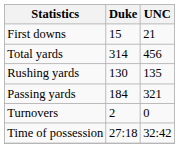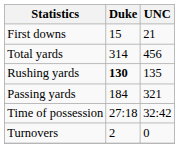 <table class="wikitable">
 <tr>
 <th>Statistics</th>
 <th>Duke</th>
 <th>UNC</th>
 </tr>
 <tr>
 <td>First downs</td>
 <td>15</td>
 <td>21</td>
 </tr>
 <tr>
 <td>Total yards</td>
 <td>314</td>
 <td>456</td>
 </tr>
 <tr>
 <td>Rushing yards</td>
-<td>130</td>
+<td><strong>130</strong></td>
 <td>135</td>
 </tr>
 <tr>
 <td>Passing yards</td>
 <td>184</td>
 <td>321</td>
 </tr>
 <tr>
+<td>Time of possession</td>
+<td>27:18</td>
+<td>32:42</td>
+</tr>
+<tr>
 <td>Turnovers</td>
 <td>2</td>
 <td>0</td>
 </tr>
 <tr>
-<td>Time of possession</td>
-<td>27:18</td>
-<td>32:42</td>
-</tr>
-<tr>
 </tr>
 </table>
